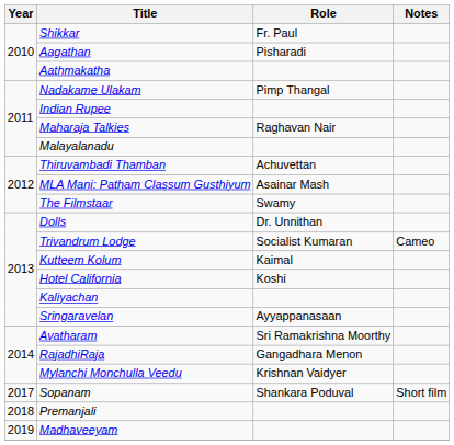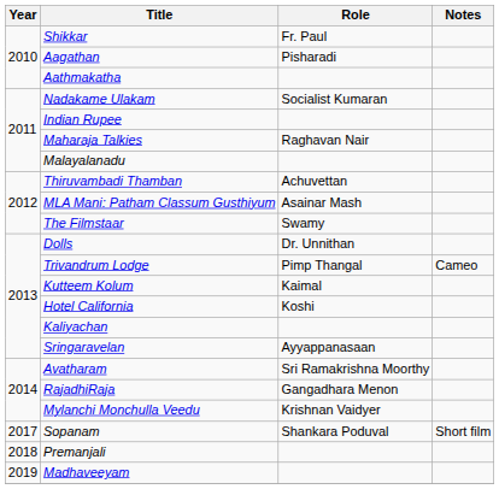 <table class="wikitable sortable">
 <tr>
 <th>Year</th>
 <th>Title</th>
 <th>Role</th>
 <th class="unsortable">Notes</th>
 </tr>
 <tr>
 <td rowspan=3>2010</td>
 <td><em><a href='#'>Shikkar</a></em></td>
 <td>Fr. Paul</td>
 <td></td>
 </tr>
 <tr>
 <td><em><a href='#'>Aagathan</a></em></td>
 <td>Pisharadi</td>
 <td></td>
 </tr>
 <tr>
 <td><em><a href='#'>Aathmakatha</a></em></td>
 <td></td>
 <td></td>
 </tr>
 <tr>
 <td rowspan=4>2011</td>
 <td><em><a href='#'>Nadakame Ulakam</a></em></td>
-<td>Pimp Thangal</td>
+<td>Socialist Kumaran</td>
 <td></td>
 </tr>
 <tr>
 <td><em><a href='#'>Indian Rupee</a></em></td>
 <td></td>
 <td></td>
 </tr>
 <tr>
 <td><em><a href='#'>Maharaja Talkies</a></em></td>
 <td>Raghavan Nair</td>
 <td></td>
 </tr>
 <tr>
 <td><em>Malayalanadu</em></td>
 <td></td>
 <td></td>
 </tr>
 <tr>
 <td rowspan=3>2012</td>
 <td><em><a href='#'>Thiruvambadi Thamban</a></em></td>
 <td>Achuvettan</td>
 <td></td>
 </tr>
 <tr>
 <td><em><a href='#'>MLA Mani: Patham Classum Gusthiyum</a></em></td>
 <td>Asainar Mash</td>
 <td></td>
 </tr>
 <tr>
 <td><em><a href='#'>The Filmstaar</a></em></td>
 <td>Swamy</td>
 <td></td>
 </tr>
 <tr>
 <td rowspan=6>2013</td>
 <td><em><a href='#'>Dolls</a></em></td>
 <td>Dr. Unnithan</td>
 <td></td>
 </tr>
 <tr>
 <td><em><a href='#'>Trivandrum Lodge</a></em></td>
-<td>Socialist Kumaran</td>
+<td>Pimp Thangal</td>
 <td>Cameo</td>
 </tr>
 <tr>
 <td><em><a href='#'>Kutteem Kolum</a></em></td>
 <td>Kaimal</td>
 <td></td>
 </tr>
 <tr>
 <td><em><a href='#'>Hotel California</a></em></td>
 <td>Koshi</td>
 <td></td>
 </tr>
 <tr>
 <td><em><a href='#'>Kaliyachan</a></em></td>
 <td></td>
 <td></td>
 </tr>
 <tr>
 <td><em><a href='#'>Sringaravelan</a></em></td>
 <td>Ayyappanasaan</td>
 <td></td>
 </tr>
 <tr>
 <td rowspan=3>2014</td>
 <td><em><a href='#'>Avatharam</a></em></td>
 <td>Sri Ramakrishna Moorthy</td>
 <td></td>
 </tr>
 <tr>
 <td><em><a href='#'>RajadhiRaja</a></em></td>
 <td>Gangadhara Menon</td>
 <td></td>
 </tr>
 <tr>
 <td><em><a href='#'>Mylanchi Monchulla Veedu</a></em></td>
 <td>Krishnan Vaidyer</td>
 <td></td>
 </tr>
 <tr>
 <td>2017</td>
 <td><em>Sopanam</em></td>
 <td>Shankara Poduval</td>
 <td>Short film</td>
 </tr>
 <tr>
 <td>2018</td>
 <td><em>Premanjali</em></td>
 <td></td>
 <td></td>
 </tr>
 <tr>
 <td>2019</td>
 <td><em><a href='#'>Madhaveeyam</a></em></td>
 <td></td>
 <td></td>
 </tr>
 <tr>
 </tr>
 </table>
